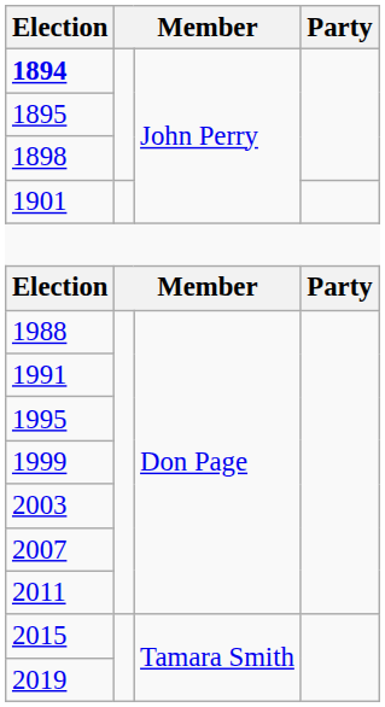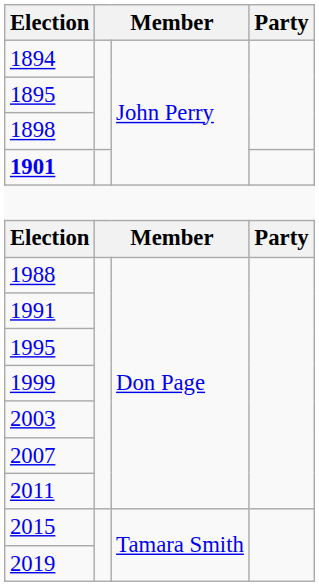 <table class="wikitable" style='border-style: none none none none;'>
 <tr>
 <th>Election</th>
 <th colspan="2">Member</th>
 <th>Party</th>
 </tr>
 <tr style="background: #f9f9f9">
-<td><strong><a href='#'>1894</a></strong></td>
+<td><a href='#'>1894</a></td>
 <td rowspan="3" > </td>
 <td rowspan="4"><a href='#'>John Perry</a></td>
 <td rowspan="3"></td>
 </tr>
 <tr style="background: #f9f9f9">
 <td><a href='#'>1895</a></td>
 </tr>
 <tr style="background: #f9f9f9">
 <td><a href='#'>1898</a></td>
 </tr>
 <tr style="background: #f9f9f9">
-<td><a href='#'>1901</a></td>
+<td><strong><a href='#'>1901</a></strong></td>
 <td> </td>
 <td></td>
 </tr>
 <tr>
 <td colspan="4" style='border-style: none none none none;'> </td>
 </tr>
 <tr>
 <th>Election</th>
 <th colspan="2">Member</th>
 <th>Party</th>
 </tr>
 <tr style="background: #f9f9f9">
 <td><a href='#'>1988</a></td>
 <td rowspan="7" > </td>
 <td rowspan="7"><a href='#'>Don Page</a></td>
 <td rowspan="7"></td>
 </tr>
 <tr style="background: #f9f9f9">
 <td><a href='#'>1991</a></td>
 </tr>
 <tr style="background: #f9f9f9">
 <td><a href='#'>1995</a></td>
 </tr>
 <tr style="background: #f9f9f9">
 <td><a href='#'>1999</a></td>
 </tr>
 <tr style="background: #f9f9f9">
 <td><a href='#'>2003</a></td>
 </tr>
 <tr style="background: #f9f9f9">
 <td><a href='#'>2007</a></td>
 </tr>
 <tr style="background: #f9f9f9">
 <td><a href='#'>2011</a></td>
 </tr>
 <tr style="background: #f9f9f9">
 <td><a href='#'>2015</a></td>
 <td rowspan="2" > </td>
 <td rowspan="2"><a href='#'>Tamara Smith</a></td>
 <td rowspan="2"></td>
 </tr>
 <tr style="background: #f9f9f9">
 <td><a href='#'>2019</a></td>
 </tr>
 </table>
